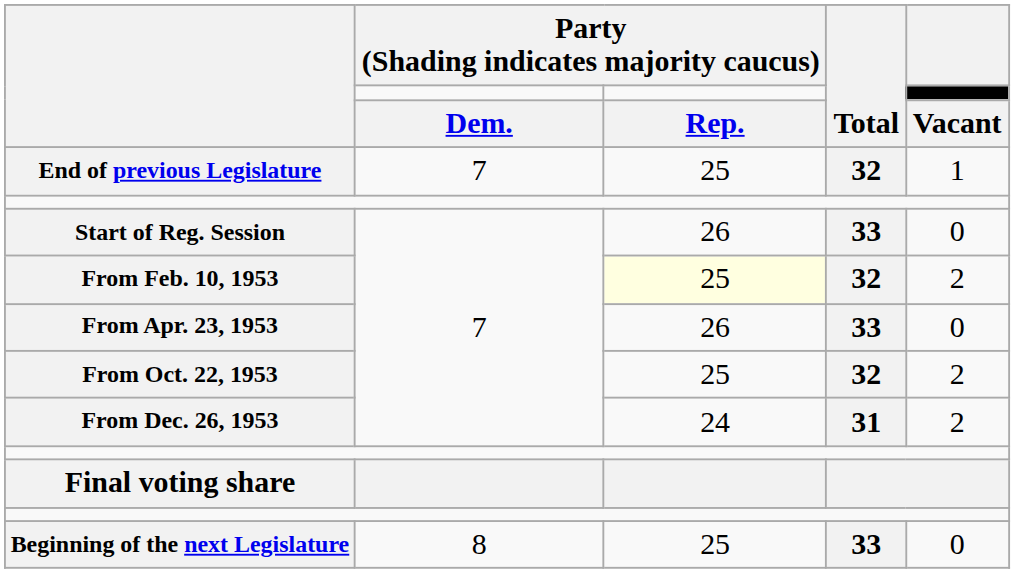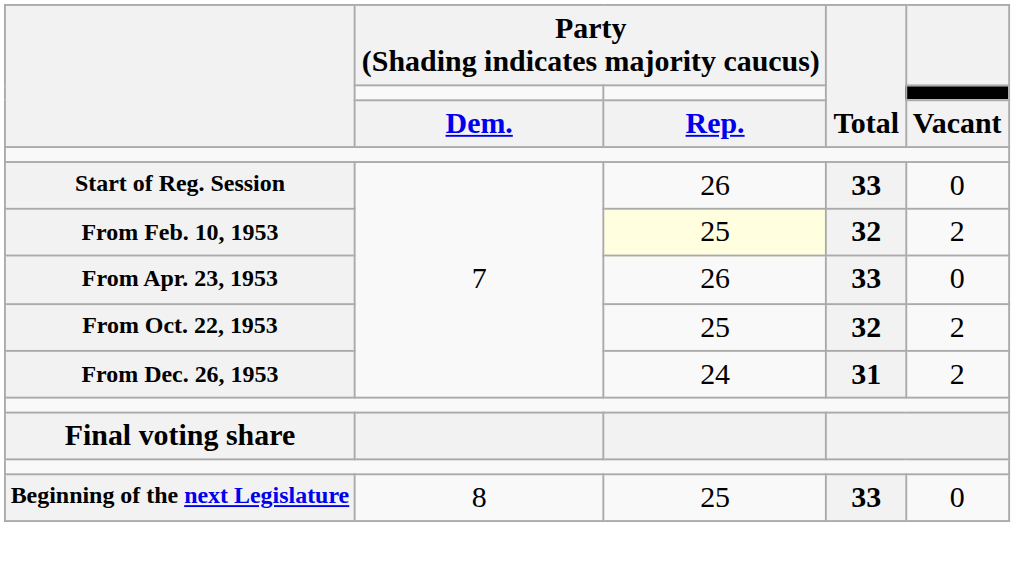 <table class=wikitable style="text-align:center">
 <tr style="vertical-align:bottom;">
 <th rowspan=3></th>
 <th colspan=2>Party <div>(Shading indicates majority caucus)</div></th>
 <th rowspan=3>Total</th>
 <th></th>
 </tr>
 <tr style="height:5px">
 <td style="background-color:"></td>
 <td style="background-color:"></td>
 <td style="background:black;"></td>
 </tr>
 <tr>
 <th><a href='#'>Dem.</a></th>
 <th><a href='#'>Rep.</a></th>
 <th>Vacant</th>
-</tr>
-<tr>
-<th style="font-size:80%;">End of <a href='#'>previous Legislature</a></th>
-<td>7</td>
-<td>25</td>
-<th>32</th>
-<td>1</td>
 </tr>
 <tr>
 <td colspan=5></td>
 </tr>
 <tr>
 <th style="font-size:80%;">Start of Reg. Session</th>
 <td rowspan="5">7</td>
 <td>26</td>
 <th>33</th>
 <td>0</td>
 </tr>
 <tr>
 <th style="font-size:80%;">From Feb. 10, 1953</th>
 <td style="background: lightyellow;">25</td>
 <th>32</th>
 <td>2</td>
 </tr>
 <tr>
 <th style="font-size:80%;">From Apr. 23, 1953</th>
 <td>26</td>
 <th>33</th>
 <td>0</td>
 </tr>
 <tr>
 <th style="font-size:80%;">From Oct. 22, 1953</th>
 <td>25</td>
 <th>32</th>
 <td>2</td>
 </tr>
 <tr>
 <th style="font-size:80%;">From Dec. 26, 1953</th>
 <td>24</td>
 <th>31</th>
 <td>2</td>
 </tr>
 <tr>
 <td colspan=5></td>
 </tr>
 <tr>
 <th>Final voting share</th>
 <th></th>
 <th></th>
 <th colspan=2></th>
 </tr>
 <tr>
 <td colspan=5></td>
 </tr>
 <tr>
 <th style="font-size:80%;">Beginning of the <a href='#'>next Legislature</a></th>
 <td>8</td>
 <td>25</td>
 <th>33</th>
 <td>0</td>
 </tr>
 </table>
